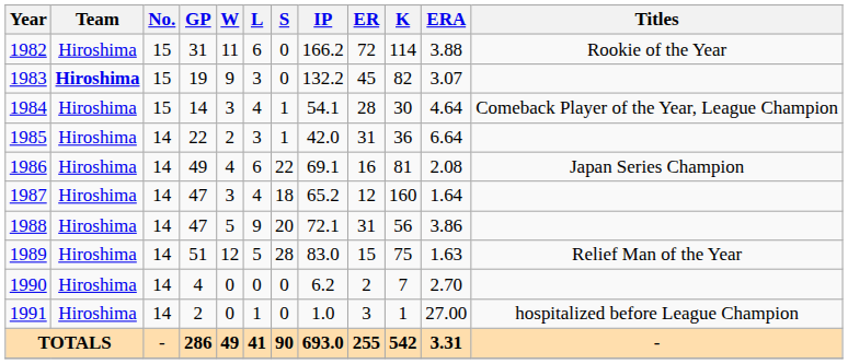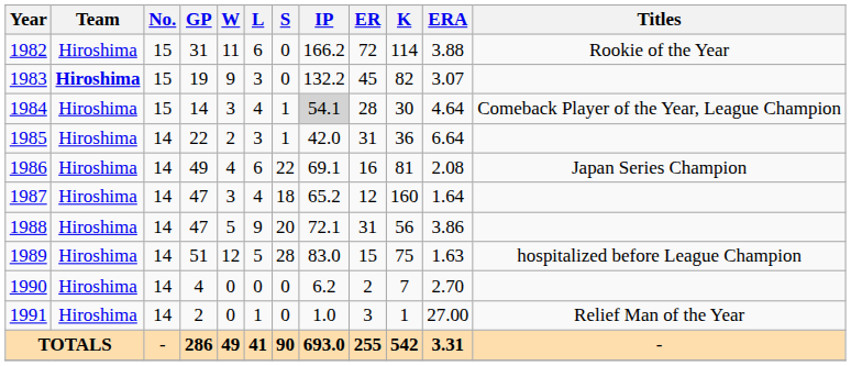 <table class="wikitable" style="margin: 0.1em auto;">
 <tr>
 <th>Year</th>
 <th>Team</th>
 <th><a href='#'>No.</a></th>
 <th><a href='#'>GP</a></th>
 <th><a href='#'>W</a></th>
 <th><a href='#'>L</a></th>
 <th><a href='#'>S</a></th>
 <th><a href='#'>IP</a></th>
 <th><a href='#'>ER</a></th>
 <th><a href='#'>K</a></th>
 <th><a href='#'>ERA</a></th>
 <th>Titles</th>
 </tr>
 <tr align=center>
 <td><a href='#'>1982</a></td>
 <td><a href='#'>Hiroshima</a></td>
 <td>15</td>
 <td>31</td>
 <td>11</td>
 <td>6</td>
 <td>0</td>
 <td>166.2</td>
 <td>72</td>
 <td>114</td>
 <td>3.88</td>
 <td>Rookie of the Year</td>
 </tr>
 <tr align=center>
 <td><a href='#'>1983</a></td>
 <td><strong><a href='#'>Hiroshima</a></strong></td>
 <td>15</td>
 <td>19</td>
 <td>9</td>
 <td>3</td>
 <td>0</td>
 <td>132.2</td>
 <td>45</td>
 <td>82</td>
 <td>3.07</td>
 <td></td>
 </tr>
 <tr align=center>
 <td><a href='#'>1984</a></td>
 <td><a href='#'>Hiroshima</a></td>
 <td>15</td>
 <td>14</td>
 <td>3</td>
 <td>4</td>
 <td>1</td>
-<td>54.1</td>
+<td style="background: lightgrey;">54.1</td>
 <td>28</td>
 <td>30</td>
 <td>4.64</td>
 <td>Comeback Player of the Year, League Champion</td>
 </tr>
 <tr align=center>
 <td><a href='#'>1985</a></td>
 <td><a href='#'>Hiroshima</a></td>
 <td>14</td>
 <td>22</td>
 <td>2</td>
 <td>3</td>
 <td>1</td>
 <td>42.0</td>
 <td>31</td>
 <td>36</td>
 <td>6.64</td>
 <td></td>
 </tr>
 <tr align=center>
 <td><a href='#'>1986</a></td>
 <td><a href='#'>Hiroshima</a></td>
 <td>14</td>
 <td>49</td>
 <td>4</td>
 <td>6</td>
 <td>22</td>
 <td>69.1</td>
 <td>16</td>
 <td>81</td>
 <td>2.08</td>
 <td>Japan Series Champion</td>
 </tr>
 <tr align=center>
 <td><a href='#'>1987</a></td>
 <td><a href='#'>Hiroshima</a></td>
 <td>14</td>
 <td>47</td>
 <td>3</td>
 <td>4</td>
 <td>18</td>
 <td>65.2</td>
 <td>12</td>
 <td>160</td>
 <td>1.64</td>
 <td></td>
 </tr>
 <tr align=center>
 <td><a href='#'>1988</a></td>
 <td><a href='#'>Hiroshima</a></td>
 <td>14</td>
 <td>47</td>
 <td>5</td>
 <td>9</td>
 <td>20</td>
 <td>72.1</td>
 <td>31</td>
 <td>56</td>
 <td>3.86</td>
 <td></td>
 </tr>
 <tr align=center>
 <td><a href='#'>1989</a></td>
 <td><a href='#'>Hiroshima</a></td>
 <td>14</td>
 <td>51</td>
 <td>12</td>
 <td>5</td>
 <td>28</td>
 <td>83.0</td>
 <td>15</td>
 <td>75</td>
 <td>1.63</td>
-<td>Relief Man of the Year</td>
+<td>hospitalized before League Champion</td>
 </tr>
 <tr align=center>
 <td><a href='#'>1990</a></td>
 <td><a href='#'>Hiroshima</a></td>
 <td>14</td>
 <td>4</td>
 <td>0</td>
 <td>0</td>
 <td>0</td>
 <td>6.2</td>
 <td>2</td>
 <td>7</td>
 <td>2.70</td>
 <td></td>
 </tr>
 <tr align=center>
 <td><a href='#'>1991</a></td>
 <td><a href='#'>Hiroshima</a></td>
 <td>14</td>
 <td>2</td>
 <td>0</td>
 <td>1</td>
 <td>0</td>
 <td>1.0</td>
 <td>3</td>
 <td>1</td>
 <td>27.00</td>
-<td>hospitalized before League Champion</td>
+<td>Relief Man of the Year</td>
 </tr>
 <tr align=center style="background: #ffdead;">
 <td colspan=2><strong>TOTALS</strong></td>
 <td>-</td>
 <td><strong>286</strong></td>
 <td><strong>49</strong></td>
 <td><strong>41</strong></td>
 <td><strong>90</strong></td>
 <td><strong>693.0</strong></td>
 <td><strong>255</strong></td>
 <td><strong>542</strong></td>
 <td><strong>3.31</strong></td>
 <td>-</td>
 </tr>
 <tr>
 </tr>
 </table>
